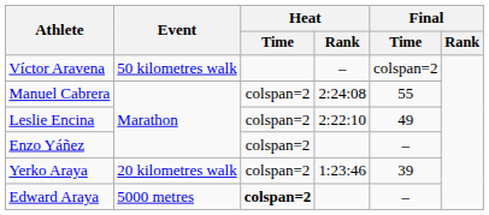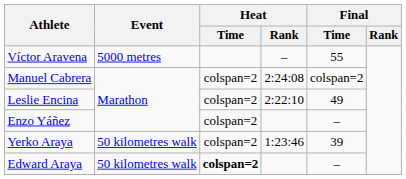 <table class=wikitable style=font-size:90%>
 <tr>
 <th rowspan=2>Athlete</th>
 <th rowspan=2>Event</th>
 <th colspan=2>Heat</th>
 <th colspan=2>Final</th>
 </tr>
 <tr style=font-size:95%>
 <th>Time</th>
 <th>Rank</th>
 <th>Time</th>
 <th>Rank</th>
 </tr>
 <tr align=center>
 <td align=left><a href='#'>Víctor Aravena</a></td>
-<td align=left><a href='#'>50 kilometres walk</a></td>
+<td align=left><a href='#'>5000 metres</a></td>
 <td></td>
 <td>–</td>
-<td>colspan=2 </td>
+<td>55</td>
 </tr>
 <tr align=center>
 <td align=left><a href='#'>Manuel Cabrera</a></td>
 <td rowspan=3 style=text-align:left><a href='#'>Marathon</a></td>
 <td>colspan=2 </td>
 <td>2:24:08</td>
-<td>55</td>
+<td>colspan=2 </td>
 </tr>
 <tr align=center>
 <td align=left><a href='#'>Leslie Encina</a></td>
 <td>colspan=2 </td>
 <td>2:22:10</td>
 <td>49</td>
 </tr>
 <tr align=center>
 <td align=left><a href='#'>Enzo Yáñez</a></td>
 <td>colspan=2 </td>
 <td></td>
 <td>–</td>
 </tr>
 <tr align=center>
 <td align=left><a href='#'>Yerko Araya</a></td>
-<td align=left><a href='#'>20 kilometres walk</a></td>
+<td align=left><a href='#'>50 kilometres walk</a></td>
 <td>colspan=2 </td>
 <td>1:23:46</td>
 <td>39</td>
 </tr>
 <tr align=center>
 <td align=left><a href='#'>Edward Araya</a></td>
-<td align=left><a href='#'>5000 metres</a></td>
+<td align=left><a href='#'>50 kilometres walk</a></td>
 <td><strong>colspan=2 </strong></td>
 <td></td>
 <td>–</td>
 </tr>
 </table>
